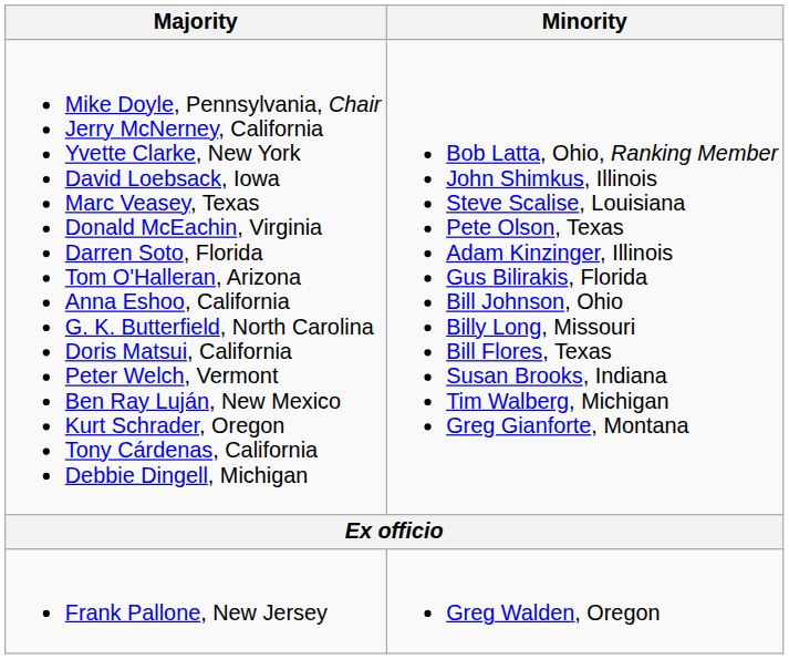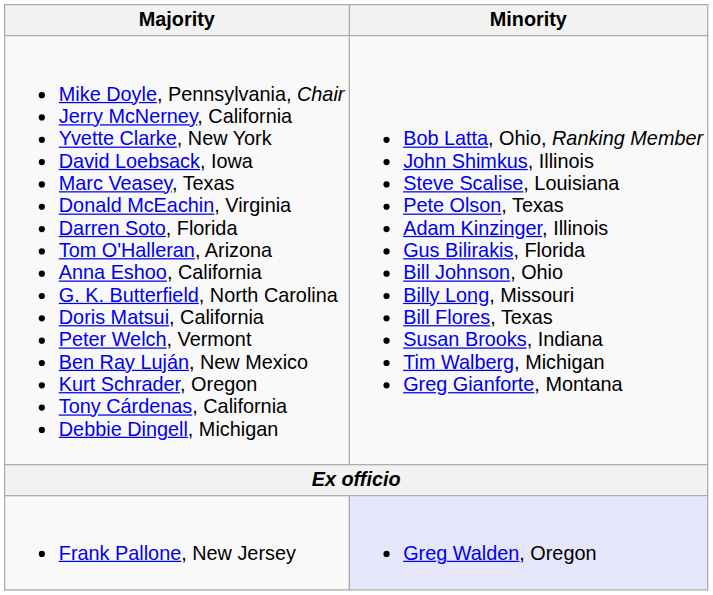 <table class="wikitable">
 <tr>
 <th>Majority</th>
 <th>Minority</th>
 </tr>
 <tr>
 <td><br><ul><li><a href='#'>Mike Doyle</a>, Pennsylvania, <em>Chair</em></li><li><a href='#'>Jerry McNerney</a>, California</li><li><a href='#'>Yvette Clarke</a>, New York</li><li><a href='#'>David Loebsack</a>, Iowa</li><li><a href='#'>Marc Veasey</a>, Texas</li><li><a href='#'>Donald McEachin</a>, Virginia</li><li><a href='#'>Darren Soto</a>, Florida</li><li><a href='#'>Tom O'Halleran</a>, Arizona</li><li><a href='#'>Anna Eshoo</a>, California</li><li><a href='#'>G. K. Butterfield</a>, North Carolina</li><li><a href='#'>Doris Matsui</a>, California</li><li><a href='#'>Peter Welch</a>, Vermont</li><li><a href='#'>Ben Ray Luján</a>, New Mexico</li><li><a href='#'>Kurt Schrader</a>, Oregon</li><li><a href='#'>Tony Cárdenas</a>, California</li><li><a href='#'>Debbie Dingell</a>, Michigan</li></ul></td>
 <td><br><ul><li><a href='#'>Bob Latta</a>, Ohio, <em>Ranking Member</em></li><li><a href='#'>John Shimkus</a>, Illinois</li><li><a href='#'>Steve Scalise</a>, Louisiana</li><li><a href='#'>Pete Olson</a>, Texas</li><li><a href='#'>Adam Kinzinger</a>, Illinois</li><li><a href='#'>Gus Bilirakis</a>, Florida</li><li><a href='#'>Bill Johnson</a>, Ohio</li><li><a href='#'>Billy Long</a>, Missouri</li><li><a href='#'>Bill Flores</a>, Texas</li><li><a href='#'>Susan Brooks</a>, Indiana</li><li><a href='#'>Tim Walberg</a>, Michigan</li><li><a href='#'>Greg Gianforte</a>, Montana</li></ul></td>
 </tr>
 <tr>
 <th colspan="2"><em>Ex officio</em></th>
 </tr>
 <tr>
 <td><br><ul><li><a href='#'>Frank Pallone</a>, New Jersey</li></ul></td>
-<td><br><ul><li><a href='#'>Greg Walden</a>, Oregon</li></ul></td>
+<td style="background: lavender;"><br><ul><li><a href='#'>Greg Walden</a>, Oregon</li></ul></td>
 </tr>
 </table>
